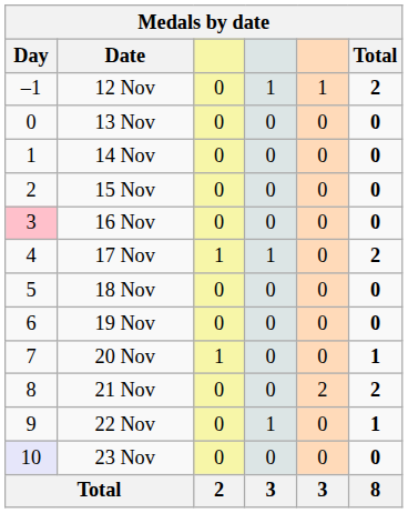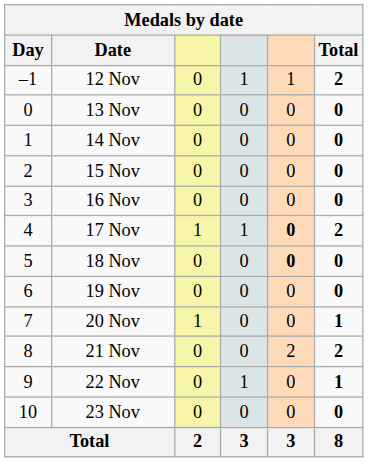 <table class="wikitable" style="font-size:90%; text-align:center;">
 <tr style="background:#efefef;">
 <th colspan=6><strong>Medals by date</strong></th>
 </tr>
 <tr>
 <th width=30><strong>Day</strong></th>
 <th width=90><strong>Date</strong></th>
 <th width=30 style="background:#F7F6A8;"></th>
 <th width=30 style="background:#DCE5E5;"></th>
 <th width=30 style="background:#FFDAB9;"></th>
 <th width=30><strong>Total</strong></th>
 </tr>
 <tr>
 <td>–1</td>
 <td>12 Nov</td>
 <td style="background:#F7F6A8;">0</td>
 <td style="background:#DCE5E5;">1</td>
 <td style="background:#FFDAB9;">1</td>
 <td><strong>2</strong></td>
 </tr>
 <tr>
 <td>0</td>
 <td>13 Nov</td>
 <td style="background:#F7F6A8;">0</td>
 <td style="background:#DCE5E5;">0</td>
 <td style="background:#FFDAB9;">0</td>
 <td><strong>0</strong></td>
 </tr>
 <tr>
 <td>1</td>
 <td>14 Nov</td>
 <td style="background:#F7F6A8;">0</td>
 <td style="background:#DCE5E5;">0</td>
 <td style="background:#FFDAB9;">0</td>
 <td><strong>0</strong></td>
 </tr>
 <tr>
 <td>2</td>
 <td>15 Nov</td>
 <td style="background:#F7F6A8;">0</td>
 <td style="background:#DCE5E5;">0</td>
 <td style="background:#FFDAB9;">0</td>
 <td><strong>0</strong></td>
 </tr>
 <tr>
-<td style="background: pink;">3</td>
+<td>3</td>
 <td>16 Nov</td>
 <td style="background:#F7F6A8;">0</td>
 <td style="background:#DCE5E5;">0</td>
 <td style="background:#FFDAB9;">0</td>
 <td><strong>0</strong></td>
 </tr>
 <tr>
 <td>4</td>
 <td>17 Nov</td>
 <td style="background:#F7F6A8;">1</td>
 <td style="background:#DCE5E5;">1</td>
-<td style="background:#FFDAB9;">0</td>
+<td style="background:#FFDAB9;"><strong>0</strong></td>
 <td><strong>2</strong></td>
 </tr>
 <tr>
 <td>5</td>
 <td>18 Nov</td>
 <td style="background:#F7F6A8;">0</td>
 <td style="background:#DCE5E5;">0</td>
-<td style="background:#FFDAB9;">0</td>
+<td style="background:#FFDAB9;"><strong>0</strong></td>
 <td><strong>0</strong></td>
 </tr>
 <tr>
 <td>6</td>
 <td>19 Nov</td>
 <td style="background:#F7F6A8;">0</td>
 <td style="background:#DCE5E5;">0</td>
 <td style="background:#FFDAB9;">0</td>
 <td><strong>0</strong></td>
 </tr>
 <tr>
 <td>7</td>
 <td>20 Nov</td>
 <td style="background:#F7F6A8;">1</td>
 <td style="background:#DCE5E5;">0</td>
 <td style="background:#FFDAB9;">0</td>
 <td><strong>1</strong></td>
 </tr>
 <tr>
 <td>8</td>
 <td>21 Nov</td>
 <td style="background:#F7F6A8;">0</td>
 <td style="background:#DCE5E5;">0</td>
 <td style="background:#FFDAB9;">2</td>
 <td><strong>2</strong></td>
 </tr>
 <tr>
 <td>9</td>
 <td>22 Nov</td>
 <td style="background:#F7F6A8;">0</td>
 <td style="background:#DCE5E5;">1</td>
 <td style="background:#FFDAB9;">0</td>
 <td><strong>1</strong></td>
 </tr>
 <tr>
-<td style="background: lavender;">10</td>
+<td>10</td>
 <td>23 Nov</td>
 <td style="background:#F7F6A8;">0</td>
 <td style="background:#DCE5E5;">0</td>
 <td style="background:#FFDAB9;">0</td>
 <td><strong>0</strong></td>
 </tr>
 <tr>
 <th colspan="2"><strong>Total</strong></th>
 <th><strong>2</strong></th>
 <th><strong>3</strong></th>
 <th><strong>3</strong></th>
 <th><strong>8</strong></th>
 </tr>
 </table>
